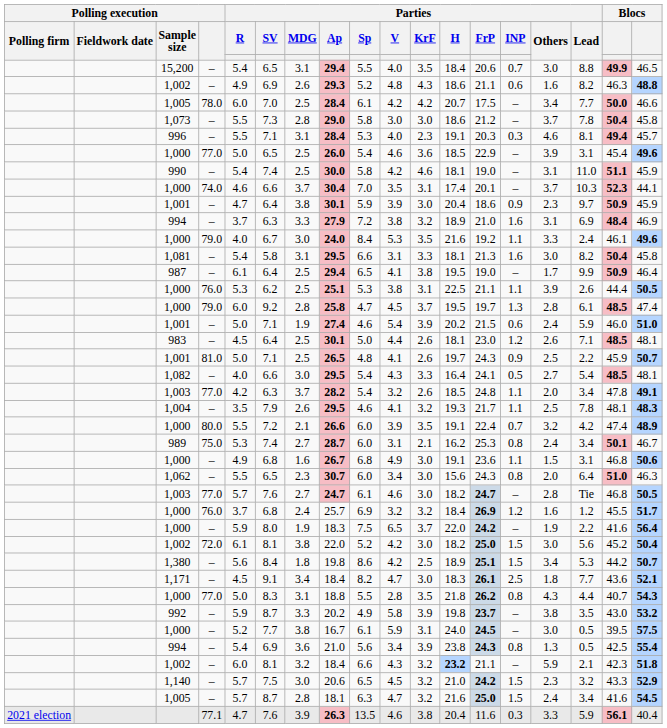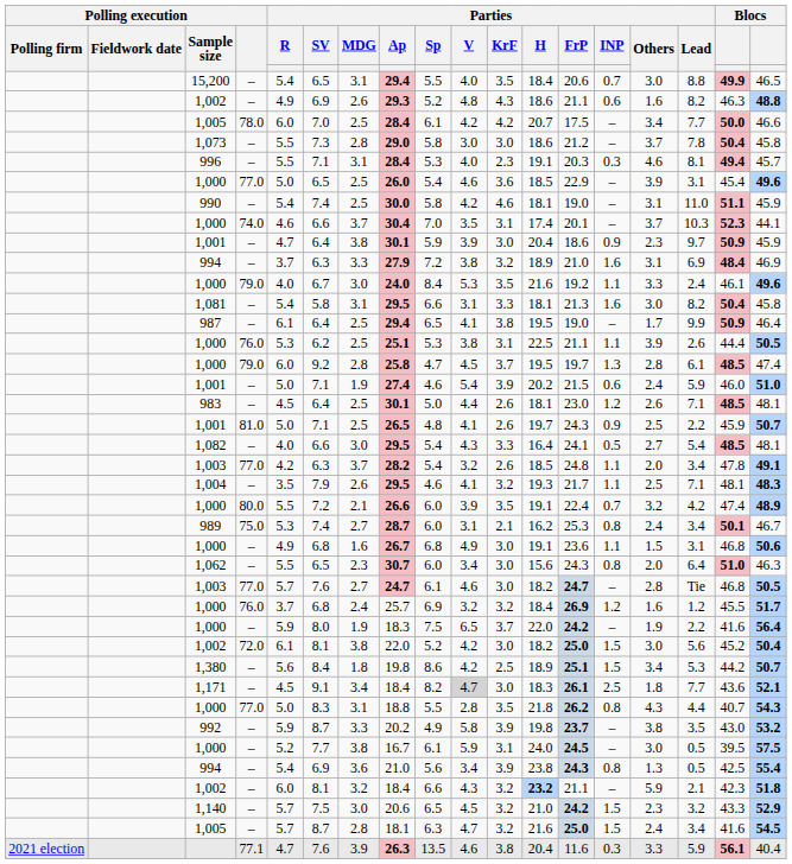 <table class="wikitable sortable mw-datatable mw-collapsible" style="text-align:center;font-size:90%;line-height:14px;">
 <tr>
 <th colspan="4">Polling execution</th>
 <th colspan="12">Parties</th>
 <th colspan="2">Blocs</th>
 </tr>
 <tr style="height:40px;">
 <th rowspan="2">Polling firm</th>
 <th rowspan="2">Fieldwork date</th>
 <th rowspan="2">Sample<br>size</th>
 <th rowspan="2"></th>
 <th class="unsortable" style="width:30px;"><a href='#'>R</a></th>
 <th class="unsortable" style="width:30px;"><a href='#'>SV</a></th>
 <th class="unsortable" style="width:30px;"><a href='#'>MDG</a></th>
 <th class="unsortable" style="width:30px;"><a href='#'>Ap</a></th>
 <th class="unsortable" style="width:30px;"><a href='#'>Sp</a></th>
 <th class="unsortable" style="width:30px;"><a href='#'>V</a></th>
 <th class="unsortable" style="width:30px;"><a href='#'>KrF</a></th>
 <th class="unsortable" style="width:30px;"><a href='#'>H</a></th>
 <th class="unsortable" style="width:30px;"><a href='#'>FrP</a></th>
 <th class="unsortable" style="width:30px;"><a href='#'>INP</a></th>
 <th rowspan="2" class="unsortable" style="width:30px;">Others</th>
 <th style="width:30px;" rowspan="2">Lead</th>
 <th class="unsortable" style="width:30px;"></th>
 <th class="unsortable" style="width:30px;"></th>
 </tr>
 <tr>
 <th style="background:"></th>
 <th style="background:"></th>
 <th style="background:"></th>
 <th style="background:"></th>
 <th style="background:"></th>
 <th style="background:"></th>
 <th style="background:"></th>
 <th style="background:"></th>
 <th style="background:"></th>
 <th style="background:"></th>
 <th style="background:"></th>
 <th style="background:"></th>
 </tr>
 <tr>
 <td></td>
 <td></td>
 <td>15,200</td>
 <td>–</td>
 <td>5.4<br></td>
 <td>6.5<br></td>
 <td>3.1<br></td>
 <td style="background:#F7BDC5;"><strong>29.4</strong><br></td>
 <td>5.5<br></td>
 <td>4.0<br></td>
 <td>3.5<br></td>
 <td>18.4<br></td>
 <td>20.6<br></td>
 <td>0.7</td>
 <td>3.0<br></td>
 <td style="background:">8.8</td>
 <td style="background:#F7BDC5;"><strong>49.9</strong><br></td>
 <td>46.5<br></td>
 </tr>
 <tr>
 <td></td>
 <td></td>
 <td>1,002</td>
 <td>–</td>
 <td>4.9<br></td>
 <td>6.9<br></td>
 <td>2.6<br></td>
 <td style="background:#F7BDC5;"><strong>29.3</strong><br></td>
 <td>5.2<br></td>
 <td>4.8<br></td>
 <td>4.3<br></td>
 <td>18.6<br></td>
 <td>21.1<br></td>
 <td>0.6<br></td>
 <td>1.6<br></td>
 <td style="background:">8.2</td>
 <td>46.3<br></td>
 <td style="background:#B5D5FF;"><strong>48.8</strong><br></td>
 </tr>
 <tr>
 <td></td>
 <td></td>
 <td>1,005</td>
 <td>78.0</td>
 <td>6.0<br></td>
 <td>7.0<br></td>
 <td>2.5<br></td>
 <td style="background:#F7BDC5;"><strong>28.4</strong><br></td>
 <td>6.1<br></td>
 <td>4.2<br></td>
 <td>4.2<br></td>
 <td>20.7<br></td>
 <td>17.5<br></td>
 <td>–</td>
 <td>3.4<br></td>
 <td style="background:">7.7</td>
 <td style="background:#F7BDC5;"><strong>50.0</strong><br></td>
 <td>46.6<br></td>
 </tr>
 <tr>
 <td></td>
 <td></td>
 <td>1,073</td>
 <td>–</td>
 <td>5.5<br></td>
 <td>7.3<br></td>
 <td>2.8<br></td>
 <td style="background:#F7BDC5;"><strong>29.0</strong><br></td>
 <td>5.8<br></td>
 <td>3.0<br></td>
 <td>3.0<br></td>
 <td>18.6<br></td>
 <td>21.2<br></td>
 <td>–</td>
 <td>3.7<br></td>
 <td style="background:">7.8</td>
 <td style="background:#F7BDC5;"><strong>50.4</strong><br></td>
 <td>45.8<br></td>
 </tr>
 <tr>
 <td></td>
 <td></td>
 <td>996</td>
 <td>–</td>
 <td>5.5<br></td>
 <td>7.1<br></td>
 <td>3.1<br></td>
 <td style="background:#F7BDC5;"><strong>28.4</strong><br></td>
 <td>5.3<br></td>
 <td>4.0<br></td>
 <td>2.3<br></td>
 <td>19.1<br></td>
 <td>20.3<br></td>
 <td>0.3<br></td>
 <td>4.6<br></td>
 <td style="background:">8.1</td>
 <td style="background:#F7BDC5;"><strong>49.4</strong><br></td>
 <td>45.7<br></td>
 </tr>
 <tr>
 <td></td>
 <td></td>
 <td>1,000</td>
 <td>77.0</td>
 <td>5.0<br></td>
 <td>6.5<br></td>
 <td>2.5<br></td>
 <td style="background:#F7BDC5;"><strong>26.0</strong><br></td>
 <td>5.4<br></td>
 <td>4.6<br></td>
 <td>3.6<br></td>
 <td>18.5<br></td>
 <td>22.9<br></td>
 <td>–</td>
 <td>3.9<br></td>
 <td style="background:">3.1</td>
 <td>45.4<br></td>
 <td style="background:#B5D5FF;"><strong>49.6</strong><br></td>
 </tr>
 <tr>
 <td></td>
 <td></td>
 <td>990</td>
 <td>–</td>
 <td>5.4<br></td>
 <td>7.4<br></td>
 <td>2.5<br></td>
 <td style="background:#F7BDC5;"><strong>30.0</strong><br></td>
 <td>5.8<br></td>
 <td>4.2<br></td>
 <td>4.6<br></td>
 <td>18.1<br></td>
 <td>19.0<br></td>
 <td>–</td>
 <td>3.1<br></td>
 <td style="background:">11.0</td>
 <td style="background:#F7BDC5;"><strong>51.1</strong><br></td>
 <td>45.9<br></td>
 </tr>
 <tr>
 <td></td>
 <td></td>
 <td>1,000</td>
 <td>74.0</td>
 <td>4.6<br></td>
 <td>6.6<br></td>
 <td>3.7<br></td>
 <td style="background:#F7BDC5;"><strong>30.4</strong><br></td>
 <td>7.0<br></td>
 <td>3.5<br></td>
 <td>3.1<br></td>
 <td>17.4<br></td>
 <td>20.1<br></td>
 <td>–</td>
 <td>3.7<br></td>
 <td style="background:">10.3</td>
 <td style="background:#F7BDC5;"><strong>52.3</strong><br></td>
 <td>44.1<br></td>
 </tr>
 <tr>
 <td></td>
 <td></td>
 <td>1,001</td>
 <td>–</td>
 <td>4.7<br></td>
 <td>6.4<br></td>
 <td>3.8<br></td>
 <td style="background:#F7BDC5;"><strong>30.1</strong><br></td>
 <td>5.9<br></td>
 <td>3.9<br></td>
 <td>3.0<br></td>
 <td>20.4<br></td>
 <td>18.6<br></td>
 <td>0.9<br></td>
 <td>2.3<br></td>
 <td style="background:">9.7</td>
 <td style="background:#F7BDC5;"><strong>50.9</strong><br></td>
 <td>45.9<br></td>
 </tr>
 <tr>
 <td></td>
 <td></td>
 <td>994</td>
 <td>–</td>
 <td>3.7<br></td>
 <td>6.3<br></td>
 <td>3.3<br></td>
 <td style="background:#F7BDC5;"><strong>27.9</strong><br></td>
 <td>7.2<br></td>
 <td>3.8<br></td>
 <td>3.2<br></td>
 <td>18.9<br></td>
 <td>21.0<br></td>
 <td>1.6<br></td>
 <td>3.1<br></td>
 <td style="background:">6.9</td>
 <td style="background:#F7BDC5;"><strong>48.4</strong><br></td>
 <td>46.9<br></td>
 </tr>
 <tr>
 <td></td>
 <td></td>
 <td>1,000</td>
 <td>79.0</td>
 <td>4.0<br></td>
 <td>6.7<br></td>
 <td>3.0<br></td>
 <td style="background:#F7BDC5;"><strong>24.0</strong><br></td>
 <td>8.4<br></td>
 <td>5.3<br></td>
 <td>3.5<br></td>
 <td>21.6<br></td>
 <td>19.2<br></td>
 <td>1.1<br></td>
 <td>3.3<br></td>
 <td style="background:">2.4</td>
 <td>46.1<br></td>
 <td style="background:#B5D5FF;"><strong>49.6</strong><br></td>
 </tr>
 <tr>
 <td></td>
 <td></td>
 <td>1,081</td>
 <td>–</td>
 <td>5.4<br></td>
 <td>5.8<br></td>
 <td>3.1<br></td>
 <td style="background:#F7BDC5;"><strong>29.5</strong><br></td>
 <td>6.6<br></td>
 <td>3.1<br></td>
 <td>3.3<br></td>
 <td>18.1<br></td>
 <td>21.3<br></td>
 <td>1.6<br></td>
 <td>3.0<br></td>
 <td style="background:">8.2</td>
 <td style="background:#F7BDC5;"><strong>50.4</strong><br></td>
 <td>45.8<br></td>
 </tr>
 <tr>
 <td></td>
 <td></td>
 <td>987</td>
 <td>–</td>
 <td>6.1<br></td>
 <td>6.4<br></td>
 <td>2.5<br></td>
 <td style="background:#F7BDC5;"><strong>29.4</strong><br></td>
 <td>6.5<br></td>
 <td>4.1<br></td>
 <td>3.8<br></td>
 <td>19.5<br></td>
 <td>19.0<br></td>
 <td>–</td>
 <td>1.7<br></td>
 <td style="background:">9.9</td>
 <td style="background:#F7BDC5;"><strong>50.9</strong><br></td>
 <td>46.4<br></td>
 </tr>
 <tr>
 <td></td>
 <td></td>
 <td>1,000</td>
 <td>76.0</td>
 <td>5.3<br></td>
 <td>6.2<br></td>
 <td>2.5<br></td>
 <td style="background:#F7BDC5;"><strong>25.1</strong><br></td>
 <td>5.3<br></td>
 <td>3.8<br></td>
 <td>3.1<br></td>
 <td>22.5<br></td>
 <td>21.1<br></td>
 <td>1.1<br></td>
 <td>3.9<br></td>
 <td style="background:">2.6</td>
 <td>44.4<br></td>
 <td style="background:#B5D5FF;"><strong>50.5</strong><br></td>
 </tr>
 <tr>
 <td></td>
 <td></td>
 <td>1,000</td>
 <td>79.0</td>
 <td>6.0<br></td>
 <td>9.2<br></td>
 <td>2.8<br></td>
 <td style="background:#F7BDC5;"><strong>25.8</strong><br></td>
 <td>4.7<br></td>
 <td>4.5<br></td>
 <td>3.7<br></td>
 <td>19.5<br></td>
 <td>19.7<br></td>
 <td>1.3<br></td>
 <td>2.8<br></td>
 <td style="background:">6.1</td>
 <td style="background:#F7BDC5;"><strong>48.5</strong><br></td>
 <td>47.4<br></td>
 </tr>
 <tr>
 <td></td>
 <td></td>
 <td>1,001</td>
 <td>–</td>
 <td>5.0<br></td>
 <td>7.1<br></td>
 <td>1.9<br></td>
 <td style="background:#F7BDC5;"><strong>27.4</strong><br></td>
 <td>4.6<br></td>
 <td>5.4<br></td>
 <td>3.9<br></td>
 <td>20.2<br></td>
 <td>21.5<br></td>
 <td>0.6<br></td>
 <td>2.4<br></td>
 <td style="background:">5.9</td>
 <td>46.0<br></td>
 <td style="background:#B5D5FF;"><strong>51.0</strong><br></td>
 </tr>
 <tr>
 <td></td>
 <td></td>
 <td>983</td>
 <td>–</td>
 <td>4.5<br></td>
 <td>6.4<br></td>
 <td>2.5<br></td>
 <td style="background:#F7BDC5;"><strong>30.1</strong><br></td>
 <td>5.0<br></td>
 <td>4.4<br></td>
 <td>2.6<br></td>
 <td>18.1<br></td>
 <td>23.0<br></td>
 <td>1.2<br></td>
 <td>2.6<br></td>
 <td style="background:">7.1</td>
 <td style="background:#F7BDC5;"><strong>48.5</strong><br></td>
 <td>48.1<br></td>
 </tr>
 <tr>
 <td></td>
 <td></td>
 <td>1,001</td>
 <td>81.0</td>
 <td>5.0<br></td>
 <td>7.1<br></td>
 <td>2.5<br></td>
 <td style="background:#F7BDC5;"><strong>26.5</strong><br></td>
 <td>4.8<br></td>
 <td>4.1<br></td>
 <td>2.6<br></td>
 <td>19.7<br></td>
 <td>24.3<br></td>
 <td>0.9<br></td>
 <td>2.5<br></td>
 <td style="background:">2.2</td>
 <td>45.9<br></td>
 <td style="background:#B5D5FF;"><strong>50.7</strong><br></td>
 </tr>
 <tr>
 <td></td>
 <td></td>
 <td>1,082</td>
 <td>–</td>
 <td>4.0<br></td>
 <td>6.6<br></td>
 <td>3.0<br></td>
 <td style="background:#F7BDC5;"><strong>29.5</strong><br></td>
 <td>5.4<br></td>
 <td>4.3<br></td>
 <td>3.3<br></td>
 <td>16.4<br></td>
 <td>24.1<br></td>
 <td>0.5<br></td>
 <td>2.7<br></td>
 <td style="background:">5.4</td>
 <td style="background:#F7BDC5;"><strong>48.5</strong><br></td>
 <td>48.1<br></td>
 </tr>
 <tr>
 <td></td>
 <td></td>
 <td>1,003</td>
 <td>77.0</td>
 <td>4.2<br></td>
 <td>6.3<br></td>
 <td>3.7<br></td>
 <td style="background:#F7BDC5;"><strong>28.2</strong><br></td>
 <td>5.4<br></td>
 <td>3.2<br></td>
 <td>2.6<br></td>
 <td>18.5<br></td>
 <td>24.8<br></td>
 <td>1.1<br></td>
 <td>2.0<br></td>
 <td style="background:">3.4</td>
 <td>47.8<br></td>
 <td style="background:#B5D5FF;"><strong>49.1</strong><br></td>
 </tr>
 <tr>
 <td></td>
 <td></td>
 <td>1,004</td>
 <td>–</td>
 <td>3.5<br></td>
 <td>7.9<br></td>
 <td>2.6<br></td>
 <td style="background:#F7BDC5;"><strong>29.5</strong><br></td>
 <td>4.6<br></td>
 <td>4.1<br></td>
 <td>3.2<br></td>
 <td>19.3<br></td>
 <td>21.7<br></td>
 <td>1.1<br></td>
 <td>2.5<br></td>
-<td style="background:">7.8</td>
+<td style="background:">7.1</td>
 <td>48.1<br></td>
 <td style="background:#B5D5FF;"><strong>48.3</strong><br></td>
 </tr>
 <tr>
 <td></td>
 <td></td>
 <td>1,000</td>
 <td>80.0</td>
 <td>5.5<br></td>
 <td>7.2<br></td>
 <td>2.1<br></td>
 <td style="background:#F7BDC5;"><strong>26.6</strong><br></td>
 <td>6.0<br></td>
 <td>3.9<br></td>
 <td>3.5<br></td>
 <td>19.1<br></td>
 <td>22.4<br></td>
 <td>0.7<br></td>
 <td>3.2<br></td>
 <td style="background:">4.2</td>
 <td>47.4<br></td>
 <td style="background:#B5D5FF;"><strong>48.9</strong><br></td>
 </tr>
 <tr>
 <td></td>
 <td></td>
 <td>989</td>
 <td>75.0</td>
 <td>5.3<br></td>
 <td>7.4<br></td>
 <td>2.7<br></td>
 <td style="background:#F7BDC5;"><strong>28.7</strong><br></td>
 <td>6.0<br></td>
 <td>3.1<br></td>
 <td>2.1<br></td>
 <td>16.2<br></td>
 <td>25.3<br></td>
 <td>0.8<br></td>
 <td>2.4<br></td>
 <td style="background:">3.4</td>
 <td style="background:#F7BDC5;"><strong>50.1</strong><br></td>
 <td>46.7<br></td>
 </tr>
 <tr>
 <td></td>
 <td></td>
 <td>1,000</td>
 <td>–</td>
 <td>4.9<br></td>
 <td>6.8<br></td>
 <td>1.6<br></td>
 <td style="background:#F7BDC5;"><strong>26.7</strong><br></td>
 <td>6.8<br></td>
 <td>4.9<br></td>
 <td>3.0<br></td>
 <td>19.1<br></td>
 <td>23.6<br></td>
 <td>1.1<br></td>
 <td>1.5<br></td>
 <td style="background:">3.1</td>
 <td>46.8<br></td>
 <td style="background:#B5D5FF;"><strong>50.6</strong><br></td>
 </tr>
 <tr>
 <td></td>
 <td></td>
 <td>1,062</td>
 <td>–</td>
 <td>5.5<br></td>
 <td>6.5<br></td>
 <td>2.3<br></td>
 <td style="background:#F7BDC5;"><strong>30.7</strong><br></td>
 <td>6.0<br></td>
 <td>3.4<br></td>
 <td>3.0<br></td>
 <td>15.6<br></td>
 <td>24.3<br></td>
 <td>0.8<br></td>
 <td>2.0<br></td>
 <td style="background:">6.4</td>
 <td style="background:#F7BDC5;"><strong>51.0</strong><br></td>
 <td>46.3<br></td>
 </tr>
 <tr>
 <td></td>
 <td></td>
 <td>1,003</td>
 <td>77.0</td>
 <td>5.7<br></td>
 <td>7.6<br></td>
 <td>2.7<br></td>
 <td style="background:#F7BDC5;"><strong>24.7</strong><br></td>
 <td>6.1<br></td>
 <td>4.6<br></td>
 <td>3.0<br></td>
 <td>18.2<br></td>
 <td style="background:#ccdae8;"><strong>24.7</strong><br></td>
 <td>–</td>
 <td>2.8<br></td>
 <td>Tie</td>
 <td>46.8<br></td>
 <td style="background:#B5D5FF;"><strong>50.5</strong><br></td>
 </tr>
 <tr>
 <td></td>
 <td></td>
 <td>1,000</td>
 <td>76.0</td>
 <td>3.7<br></td>
 <td>6.8<br></td>
 <td>2.4<br></td>
 <td>25.7<br></td>
 <td>6.9<br></td>
 <td>3.2<br></td>
 <td>3.2<br></td>
 <td>18.4<br></td>
 <td style="background:#ccdae8;"><strong>26.9</strong><br></td>
 <td>1.2<br></td>
 <td>1.6<br></td>
 <td style="background:">1.2</td>
 <td>45.5<br></td>
 <td style="background:#B5D5FF;"><strong>51.7</strong><br></td>
 </tr>
 <tr>
 <td></td>
 <td></td>
 <td>1,000</td>
 <td>–</td>
 <td>5.9<br></td>
 <td>8.0<br></td>
 <td>1.9<br></td>
 <td>18.3<br></td>
 <td>7.5<br></td>
 <td>6.5<br></td>
 <td>3.7<br></td>
 <td>22.0<br></td>
 <td style="background:#ccdae8;"><strong>24.2</strong><br></td>
 <td>–</td>
 <td>1.9<br></td>
 <td style="background:">2.2</td>
 <td>41.6<br></td>
 <td style="background:#B5D5FF;"><strong>56.4</strong><br></td>
 </tr>
 <tr>
 <td></td>
 <td></td>
 <td>1,002</td>
 <td>72.0</td>
 <td>6.1<br></td>
 <td>8.1<br></td>
 <td>3.8<br></td>
 <td>22.0<br></td>
 <td>5.2<br></td>
 <td>4.2<br></td>
 <td>3.0<br></td>
 <td>18.2<br></td>
 <td style="background:#ccdae8;"><strong>25.0</strong><br></td>
 <td>1.5<br></td>
 <td>3.0<br></td>
 <td style="background:">5.6</td>
 <td>45.2<br></td>
 <td style="background:#B5D5FF;"><strong>50.4</strong><br></td>
 </tr>
 <tr>
 <td></td>
 <td></td>
 <td>1,380</td>
 <td>–</td>
 <td>5.6<br></td>
 <td>8.4<br></td>
 <td>1.8<br></td>
 <td>19.8<br></td>
 <td>8.6<br></td>
 <td>4.2<br></td>
 <td>2.5<br></td>
 <td>18.9<br></td>
 <td style="background:#ccdae8;"><strong>25.1</strong><br></td>
 <td>1.5<br></td>
 <td>3.4<br></td>
 <td style="background:">5.3</td>
 <td>44.2<br></td>
 <td style="background:#B5D5FF;"><strong>50.7</strong><br></td>
 </tr>
 <tr>
 <td></td>
 <td></td>
 <td>1,171</td>
 <td>–</td>
 <td>4.5<br></td>
 <td>9.1<br></td>
 <td>3.4<br></td>
 <td>18.4<br></td>
 <td>8.2<br></td>
-<td>4.7<br></td>
+<td style="background: lightgrey;">4.7<br></td>
 <td>3.0<br></td>
 <td>18.3<br></td>
 <td style="background:#ccdae8;"><strong>26.1</strong><br></td>
 <td>2.5<br></td>
 <td>1.8<br></td>
 <td style="background:">7.7</td>
 <td>43.6<br></td>
 <td style="background:#B5D5FF;"><strong>52.1</strong><br></td>
 </tr>
 <tr>
 <td></td>
 <td></td>
 <td>1,000</td>
 <td>77.0</td>
 <td>5.0<br></td>
 <td>8.3<br></td>
 <td>3.1<br></td>
 <td>18.8<br></td>
 <td>5.5<br></td>
 <td>2.8<br></td>
 <td>3.5<br></td>
 <td>21.8<br></td>
 <td style="background:#ccdae8;"><strong>26.2</strong><br></td>
 <td>0.8<br></td>
 <td>4.3<br></td>
 <td style="background:">4.4</td>
 <td>40.7<br></td>
 <td style="background:#B5D5FF;"><strong>54.3</strong><br></td>
 </tr>
 <tr>
 <td></td>
 <td></td>
 <td>992</td>
 <td>–</td>
 <td>5.9<br></td>
 <td>8.7<br></td>
 <td>3.3<br></td>
 <td>20.2<br></td>
 <td>4.9<br></td>
 <td>5.8<br></td>
 <td>3.9<br></td>
 <td>19.8<br></td>
 <td style="background:#ccdae8;"><strong>23.7</strong><br></td>
 <td>–</td>
 <td>3.8<br></td>
 <td style="background:">3.5</td>
 <td>43.0<br></td>
 <td style="background:#B5D5FF;"><strong>53.2</strong><br></td>
 </tr>
 <tr>
 <td></td>
 <td></td>
 <td>1,000</td>
 <td>–</td>
 <td>5.2<br></td>
 <td>7.7<br></td>
 <td>3.8<br></td>
 <td>16.7<br></td>
 <td>6.1<br></td>
 <td>5.9<br></td>
 <td>3.1<br></td>
 <td>24.0<br></td>
 <td style="background:#ccdae8;"><strong>24.5</strong><br></td>
 <td>–</td>
 <td>3.0<br></td>
 <td style="background:">0.5</td>
 <td>39.5<br></td>
 <td style="background:#B5D5FF;"><strong>57.5</strong><br></td>
 </tr>
 <tr>
 <td></td>
 <td></td>
 <td>994</td>
 <td>–</td>
 <td>5.4<br></td>
 <td>6.9<br></td>
 <td>3.6<br></td>
 <td>21.0<br></td>
 <td>5.6<br></td>
 <td>3.4<br></td>
 <td>3.9<br></td>
 <td>23.8<br></td>
 <td style="background:#ccdae8;"><strong>24.3</strong><br></td>
 <td>0.8<br></td>
 <td>1.3<br></td>
 <td style="background:">0.5</td>
 <td>42.5<br></td>
 <td style="background:#B5D5FF;"><strong>55.4</strong><br></td>
 </tr>
 <tr>
 <td></td>
 <td></td>
 <td>1,002</td>
 <td>–</td>
 <td>6.0<br></td>
 <td>8.1<br></td>
 <td>3.2<br></td>
 <td>18.4<br></td>
 <td>6.6<br></td>
 <td>4.3<br></td>
 <td>3.2<br></td>
 <td style="background:#B5D5FF;"><strong>23.2</strong><br></td>
 <td>21.1<br></td>
 <td>–</td>
 <td>5.9<br></td>
 <td style="background:">2.1</td>
 <td>42.3<br></td>
 <td style="background:#B5D5FF;"><strong>51.8</strong><br></td>
 </tr>
 <tr>
 <td></td>
 <td></td>
 <td>1,140</td>
 <td>–</td>
 <td>5.7<br></td>
 <td>7.5<br></td>
 <td>3.0<br></td>
 <td>20.6<br></td>
 <td>6.5<br></td>
 <td>4.5<br></td>
 <td>3.2<br></td>
 <td>21.0<br></td>
 <td style="background:#ccdae8;"><strong>24.2</strong><br></td>
 <td>1.5<br></td>
 <td>2.3<br></td>
 <td style="background:">3.2</td>
 <td>43.3<br></td>
 <td style="background:#B5D5FF;"><strong>52.9</strong><br></td>
 </tr>
 <tr>
 <td></td>
 <td></td>
 <td>1,005</td>
 <td>–</td>
 <td>5.7<br></td>
 <td>8.7<br></td>
 <td>2.8<br></td>
 <td>18.1<br></td>
 <td>6.3<br></td>
 <td>4.7<br></td>
 <td>3.2<br></td>
 <td>21.6<br></td>
 <td style="background:#ccdae8;"><strong>25.0</strong><br></td>
 <td>1.5<br></td>
 <td>2.4<br></td>
 <td style="background:">3.4</td>
 <td>41.6<br></td>
 <td style="background:#B5D5FF;"><strong>54.5</strong><br></td>
 </tr>
 <tr style="background:#E9E9E9;">
 <td><a href='#'>2021 election</a></td>
 <td></td>
 <td></td>
 <td>77.1</td>
 <td>4.7<br></td>
 <td>7.6<br></td>
 <td>3.9<br></td>
 <td style="background:#F7BDC5;"><strong>26.3</strong><br></td>
 <td>13.5<br></td>
 <td>4.6<br></td>
 <td>3.8<br></td>
 <td>20.4<br></td>
 <td>11.6<br></td>
 <td>0.3<br></td>
 <td>3.3<br></td>
 <td style="background:">5.9</td>
 <td style="background:#F7BDC5;"><strong>56.1</strong><br></td>
 <td>40.4<br></td>
 </tr>
 </table>
